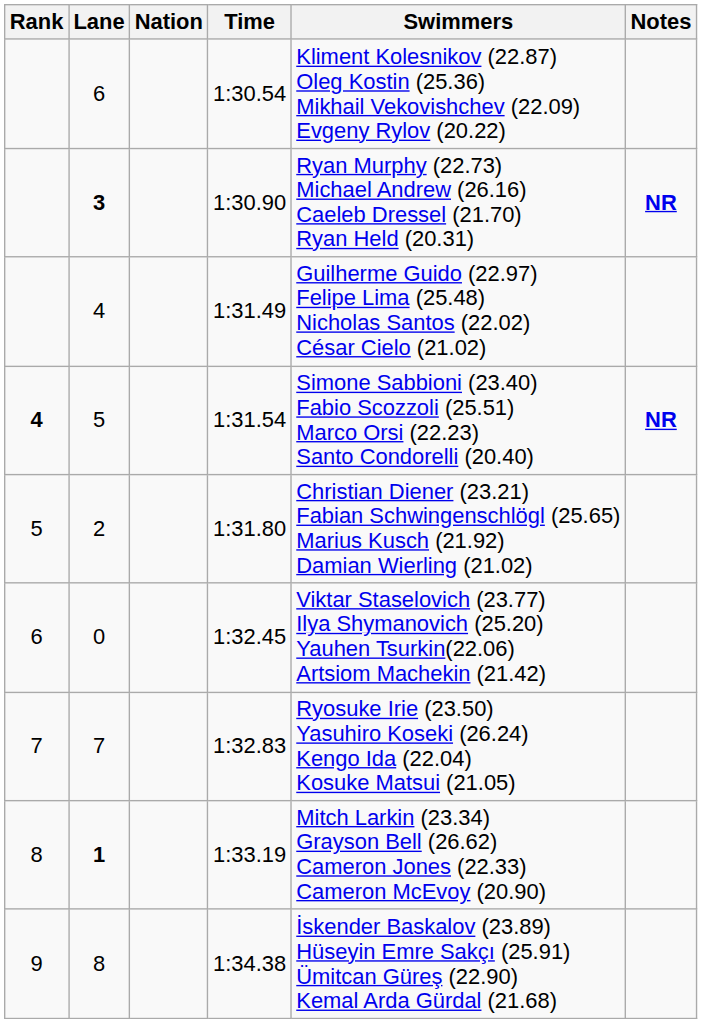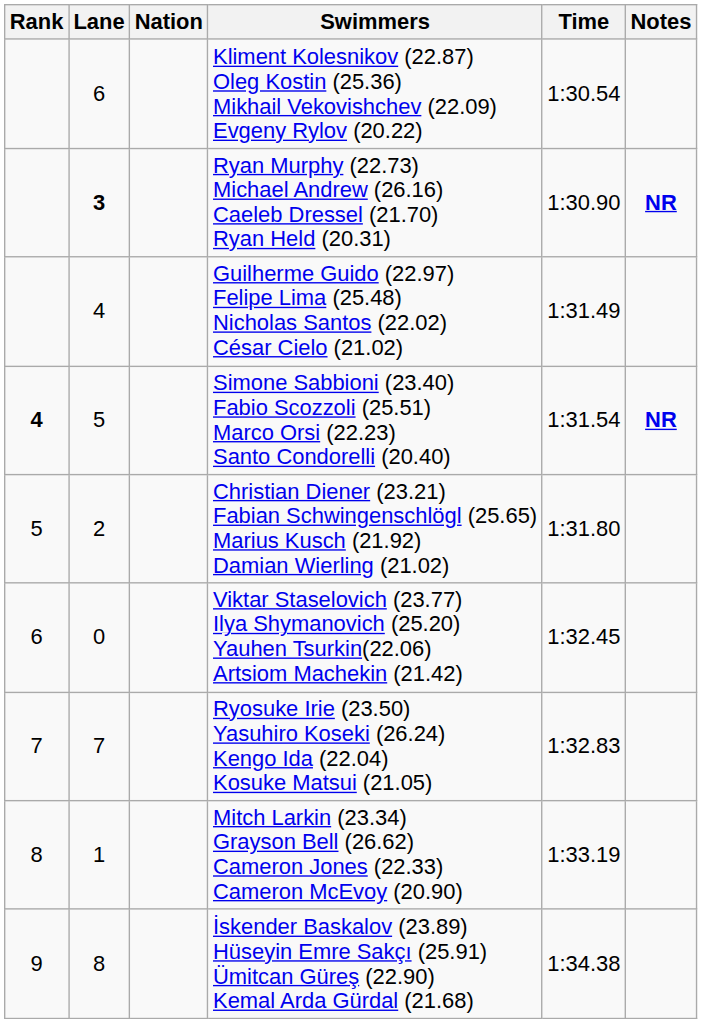 <table class="wikitable sortable" style="text-align:center">
 <tr>
 <th>Rank</th>
 <th>Lane</th>
 <th>Nation</th>
+<th>Swimmers</th>
 <th>Time</th>
-<th>Swimmers</th>
 <th>Notes</th>
 </tr>
 <tr>
 <td></td>
 <td>6</td>
 <td align=left></td>
+<td align=left><a href='#'>Kliment Kolesnikov</a> (22.87)<br><a href='#'>Oleg Kostin</a> (25.36)<br><a href='#'>Mikhail Vekovishchev</a> (22.09)<br><a href='#'>Evgeny Rylov</a> (20.22)</td>
 <td>1:30.54</td>
-<td align=left><a href='#'>Kliment Kolesnikov</a> (22.87)<br><a href='#'>Oleg Kostin</a> (25.36)<br><a href='#'>Mikhail Vekovishchev</a> (22.09)<br><a href='#'>Evgeny Rylov</a> (20.22)</td>
 <td></td>
 </tr>
 <tr>
 <td></td>
 <td><strong>3</strong></td>
 <td align=left></td>
+<td align=left><a href='#'>Ryan Murphy</a> (22.73)<br><a href='#'>Michael Andrew</a> (26.16)<br><a href='#'>Caeleb Dressel</a> (21.70)<br><a href='#'>Ryan Held</a> (20.31)</td>
 <td>1:30.90</td>
-<td align=left><a href='#'>Ryan Murphy</a> (22.73)<br><a href='#'>Michael Andrew</a> (26.16)<br><a href='#'>Caeleb Dressel</a> (21.70)<br><a href='#'>Ryan Held</a> (20.31)</td>
 <td><strong><a href='#'>NR</a></strong></td>
 </tr>
 <tr>
 <td></td>
 <td>4</td>
 <td align=left></td>
+<td align=left><a href='#'>Guilherme Guido</a> (22.97)<br><a href='#'>Felipe Lima</a> (25.48)<br><a href='#'>Nicholas Santos</a> (22.02)<br><a href='#'>César Cielo</a> (21.02)</td>
 <td>1:31.49</td>
-<td align=left><a href='#'>Guilherme Guido</a> (22.97)<br><a href='#'>Felipe Lima</a> (25.48)<br><a href='#'>Nicholas Santos</a> (22.02)<br><a href='#'>César Cielo</a> (21.02)</td>
 <td></td>
 </tr>
 <tr>
 <td><strong>4</strong></td>
 <td>5</td>
 <td align=left></td>
+<td align=left><a href='#'>Simone Sabbioni</a> (23.40)<br><a href='#'>Fabio Scozzoli</a> (25.51)<br><a href='#'>Marco Orsi</a> (22.23)<br><a href='#'>Santo Condorelli</a> (20.40)</td>
 <td>1:31.54</td>
-<td align=left><a href='#'>Simone Sabbioni</a> (23.40)<br><a href='#'>Fabio Scozzoli</a> (25.51)<br><a href='#'>Marco Orsi</a> (22.23)<br><a href='#'>Santo Condorelli</a> (20.40)</td>
 <td><strong><a href='#'>NR</a></strong></td>
 </tr>
 <tr>
 <td>5</td>
 <td>2</td>
 <td align=left></td>
+<td align=left><a href='#'>Christian Diener</a> (23.21)<br><a href='#'>Fabian Schwingenschlögl</a> (25.65)<br><a href='#'>Marius Kusch</a> (21.92)<br><a href='#'>Damian Wierling</a> (21.02)</td>
 <td>1:31.80</td>
-<td align=left><a href='#'>Christian Diener</a> (23.21)<br><a href='#'>Fabian Schwingenschlögl</a> (25.65)<br><a href='#'>Marius Kusch</a> (21.92)<br><a href='#'>Damian Wierling</a> (21.02)</td>
 <td></td>
 </tr>
 <tr>
 <td>6</td>
 <td>0</td>
 <td align=left></td>
+<td align=left><a href='#'>Viktar Staselovich</a> (23.77)<br><a href='#'>Ilya Shymanovich</a> (25.20)<br><a href='#'>Yauhen Tsurkin</a>(22.06)<br><a href='#'>Artsiom Machekin</a> (21.42)</td>
 <td>1:32.45</td>
-<td align=left><a href='#'>Viktar Staselovich</a> (23.77)<br><a href='#'>Ilya Shymanovich</a> (25.20)<br><a href='#'>Yauhen Tsurkin</a>(22.06)<br><a href='#'>Artsiom Machekin</a> (21.42)</td>
 <td></td>
 </tr>
 <tr>
 <td>7</td>
 <td>7</td>
 <td align=left></td>
+<td align=left><a href='#'>Ryosuke Irie</a> (23.50)<br><a href='#'>Yasuhiro Koseki</a> (26.24)<br><a href='#'>Kengo Ida</a> (22.04)<br><a href='#'>Kosuke Matsui</a> (21.05)</td>
 <td>1:32.83</td>
-<td align=left><a href='#'>Ryosuke Irie</a> (23.50)<br><a href='#'>Yasuhiro Koseki</a> (26.24)<br><a href='#'>Kengo Ida</a> (22.04)<br><a href='#'>Kosuke Matsui</a> (21.05)</td>
 <td></td>
 </tr>
 <tr>
 <td>8</td>
-<td><strong>1</strong></td>
+<td>1</td>
 <td align=left></td>
+<td align=left><a href='#'>Mitch Larkin</a> (23.34)<br><a href='#'>Grayson Bell</a> (26.62)<br><a href='#'>Cameron Jones</a> (22.33)<br><a href='#'>Cameron McEvoy</a> (20.90)</td>
 <td>1:33.19</td>
-<td align=left><a href='#'>Mitch Larkin</a> (23.34)<br><a href='#'>Grayson Bell</a> (26.62)<br><a href='#'>Cameron Jones</a> (22.33)<br><a href='#'>Cameron McEvoy</a> (20.90)</td>
 <td></td>
 </tr>
 <tr>
 <td>9</td>
 <td>8</td>
 <td align=left></td>
+<td align=left><a href='#'>İskender Baskalov</a> (23.89)<br><a href='#'>Hüseyin Emre Sakçı</a> (25.91)<br><a href='#'>Ümitcan Güreş</a> (22.90)<br><a href='#'>Kemal Arda Gürdal</a> (21.68)</td>
 <td>1:34.38</td>
-<td align=left><a href='#'>İskender Baskalov</a> (23.89)<br><a href='#'>Hüseyin Emre Sakçı</a> (25.91)<br><a href='#'>Ümitcan Güreş</a> (22.90)<br><a href='#'>Kemal Arda Gürdal</a> (21.68)</td>
 <td></td>
 </tr>
 </table>
